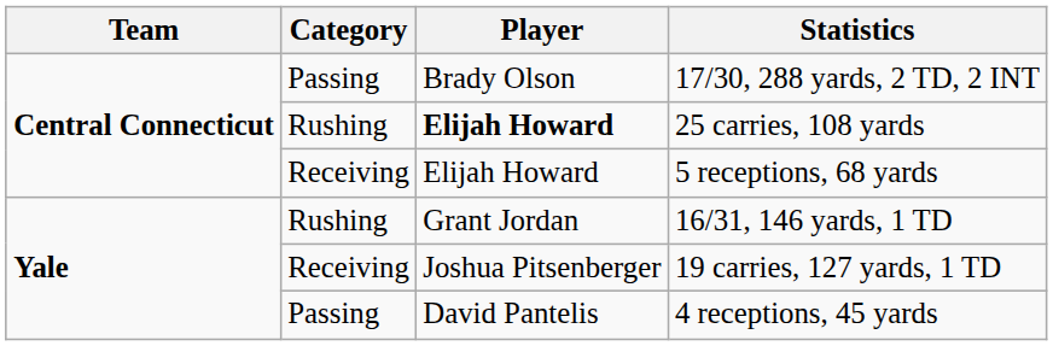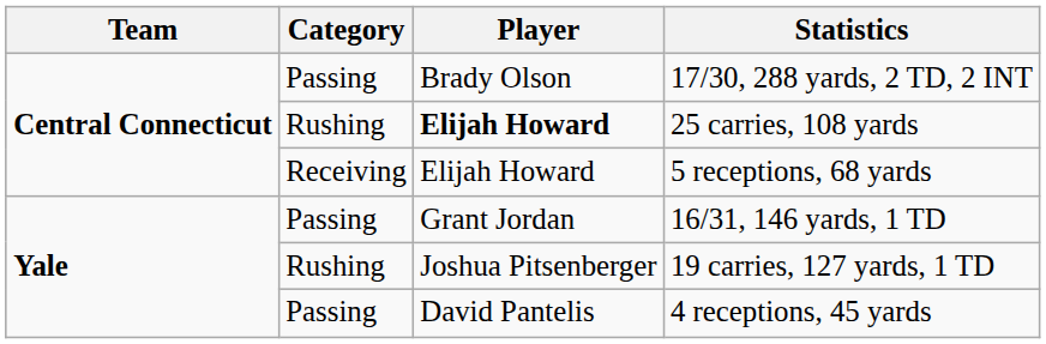 <table class="wikitable" style="float: right;">
 <tr>
 <th>Team</th>
 <th>Category</th>
 <th>Player</th>
 <th>Statistics</th>
 </tr>
 <tr>
 <td rowspan="3"><strong>Central Connecticut</strong></td>
 <td>Passing</td>
 <td>Brady Olson</td>
 <td>17/30, 288 yards, 2 TD, 2 INT</td>
 </tr>
 <tr>
 <td>Rushing</td>
 <td><strong>Elijah Howard</strong></td>
 <td>25 carries, 108 yards</td>
 </tr>
 <tr>
 <td>Receiving</td>
 <td>Elijah Howard</td>
 <td>5 receptions, 68 yards</td>
 </tr>
 <tr>
 <td rowspan="3"><strong>Yale</strong></td>
-<td>Rushing</td>
+<td>Passing</td>
 <td>Grant Jordan</td>
 <td>16/31, 146 yards, 1 TD</td>
 </tr>
 <tr>
-<td>Receiving</td>
+<td>Rushing</td>
 <td>Joshua Pitsenberger</td>
 <td>19 carries, 127 yards, 1 TD</td>
 </tr>
 <tr>
 <td>Passing</td>
 <td>David Pantelis</td>
 <td>4 receptions, 45 yards</td>
 </tr>
 </table>
